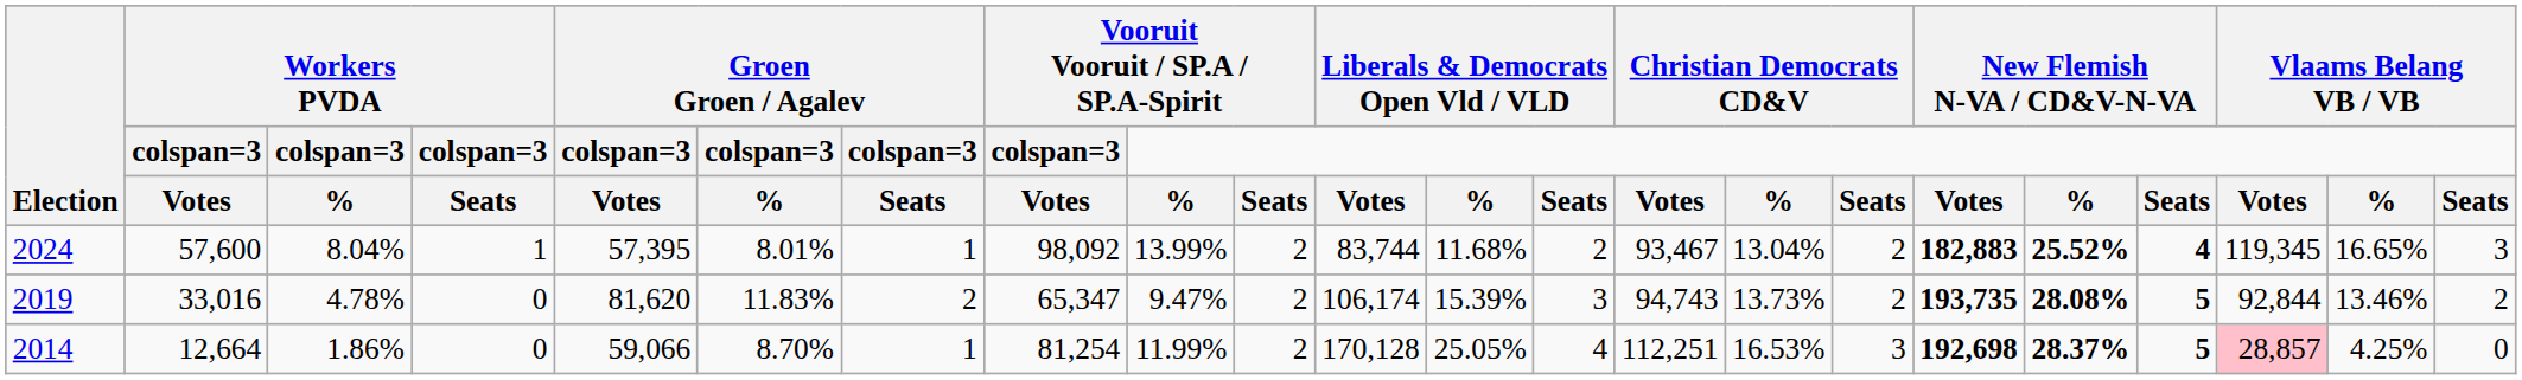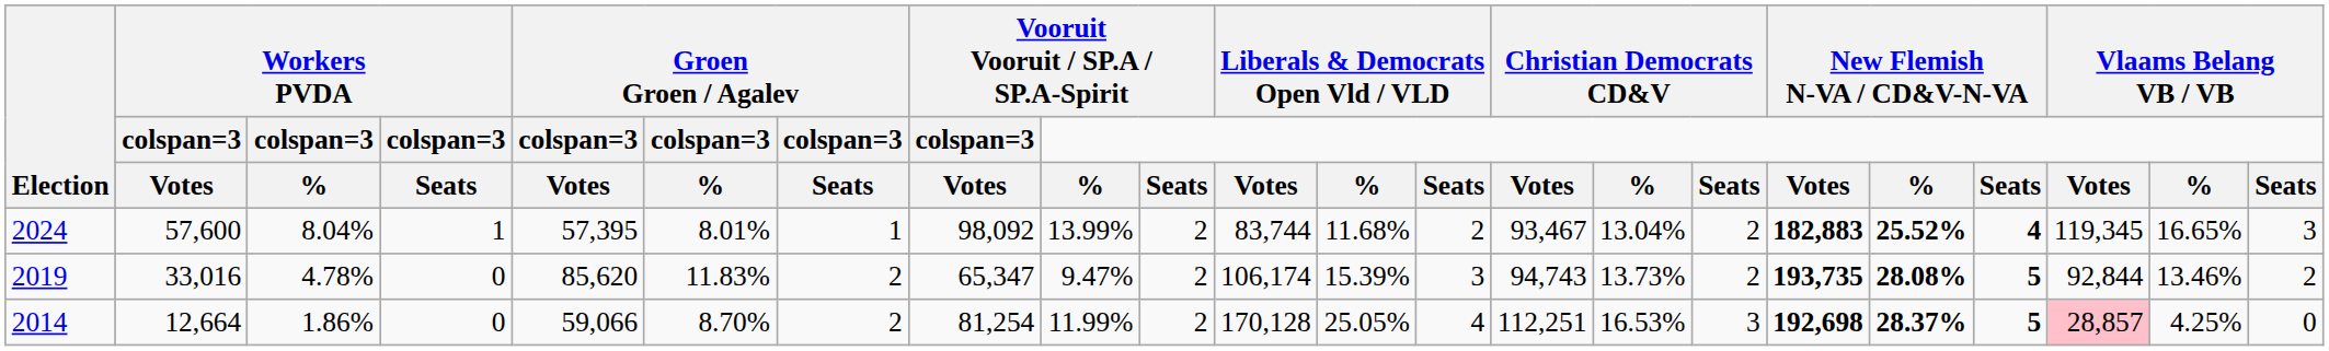 <table class="wikitable" border="1" style="font-size:95%; text-align:right;">
 <tr>
 <th style="text-align:left;" valign=bottom rowspan=3>Election</th>
 <th valign=bottom colspan=3><a href='#'>Workers</a><br>PVDA</th>
 <th valign=bottom colspan=3><a href='#'>Groen</a><br>Groen / Agalev</th>
 <th valign=bottom colspan=3><a href='#'>Vooruit</a><br>Vooruit / SP.A /<br>SP.A-Spirit</th>
 <th valign=bottom colspan=3><a href='#'>Liberals & Democrats</a><br>Open Vld / VLD</th>
 <th valign=bottom colspan=3><a href='#'>Christian Democrats</a><br>CD&V</th>
 <th valign=bottom colspan=3><a href='#'>New Flemish</a><br>N-VA / CD&V-N-VA</th>
 <th valign=bottom colspan=3><a href='#'>Vlaams Belang</a><br>VB / VB</th>
 </tr>
 <tr>
 <th>colspan=3 </th>
 <th>colspan=3 </th>
 <th>colspan=3 </th>
 <th>colspan=3 </th>
 <th>colspan=3 </th>
 <th>colspan=3 </th>
 <th>colspan=3 </th>
 </tr>
 <tr>
 <th>Votes</th>
 <th>%</th>
 <th>Seats</th>
 <th>Votes</th>
 <th>%</th>
 <th>Seats</th>
 <th>Votes</th>
 <th>%</th>
 <th>Seats</th>
 <th>Votes</th>
 <th>%</th>
 <th>Seats</th>
 <th>Votes</th>
 <th>%</th>
 <th>Seats</th>
 <th>Votes</th>
 <th>%</th>
 <th>Seats</th>
 <th>Votes</th>
 <th>%</th>
 <th>Seats</th>
 </tr>
 <tr>
 <td align=left><a href='#'>2024</a></td>
 <td>57,600</td>
 <td>8.04%</td>
 <td>1</td>
 <td>57,395</td>
 <td>8.01%</td>
 <td>1</td>
 <td>98,092</td>
 <td>13.99%</td>
 <td>2</td>
 <td>83,744</td>
 <td>11.68%</td>
 <td>2</td>
 <td>93,467</td>
 <td>13.04%</td>
 <td>2</td>
 <td><strong>182,883</strong></td>
 <td><strong>25.52%</strong></td>
 <td><strong>4</strong></td>
 <td>119,345</td>
 <td>16.65%</td>
 <td>3</td>
 </tr>
 <tr>
 <td align=left><a href='#'>2019</a></td>
 <td>33,016</td>
 <td>4.78%</td>
 <td>0</td>
-<td>81,620</td>
+<td>85,620</td>
 <td>11.83%</td>
 <td>2</td>
 <td>65,347</td>
 <td>9.47%</td>
 <td>2</td>
 <td>106,174</td>
 <td>15.39%</td>
 <td>3</td>
 <td>94,743</td>
 <td>13.73%</td>
 <td>2</td>
 <td><strong>193,735</strong></td>
 <td><strong>28.08%</strong></td>
 <td><strong>5</strong></td>
 <td>92,844</td>
 <td>13.46%</td>
 <td>2</td>
 </tr>
 <tr>
 <td align=left><a href='#'>2014</a></td>
 <td>12,664</td>
 <td>1.86%</td>
 <td>0</td>
 <td>59,066</td>
 <td>8.70%</td>
-<td>1</td>
+<td>2</td>
 <td>81,254</td>
 <td>11.99%</td>
 <td>2</td>
 <td>170,128</td>
 <td>25.05%</td>
 <td>4</td>
 <td>112,251</td>
 <td>16.53%</td>
 <td>3</td>
 <td><strong>192,698</strong></td>
 <td><strong>28.37%</strong></td>
 <td><strong>5</strong></td>
 <td style="background: pink;">28,857</td>
 <td>4.25%</td>
 <td>0</td>
 </tr>
 </table>
